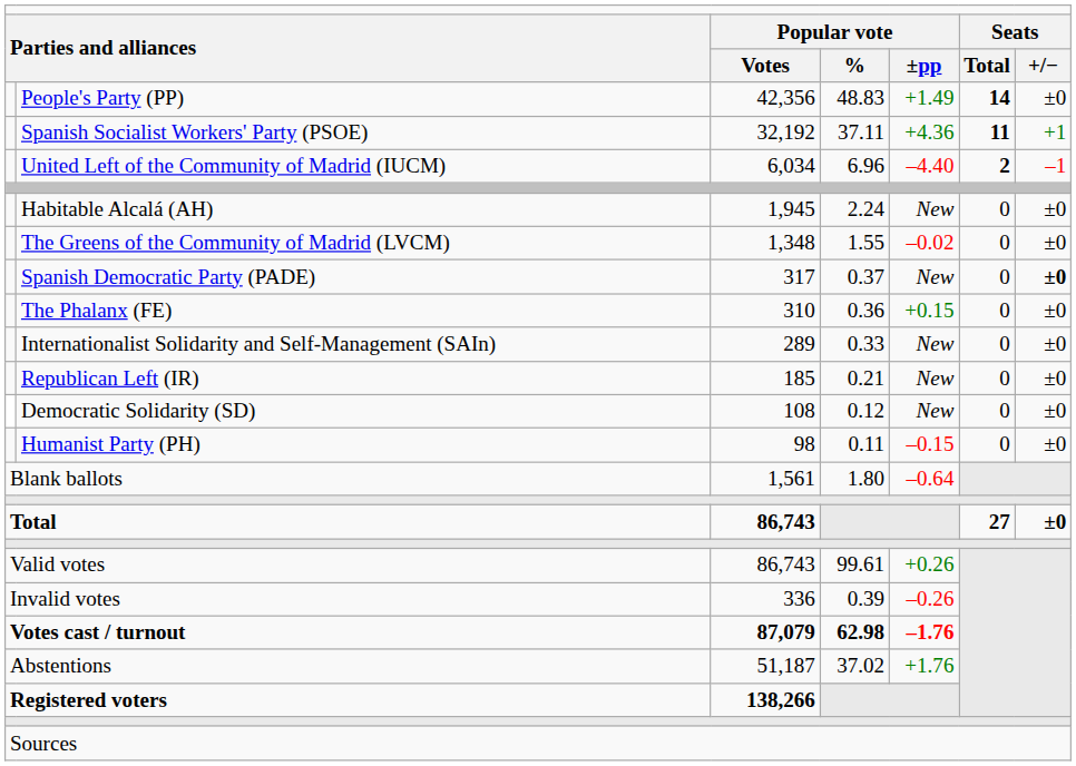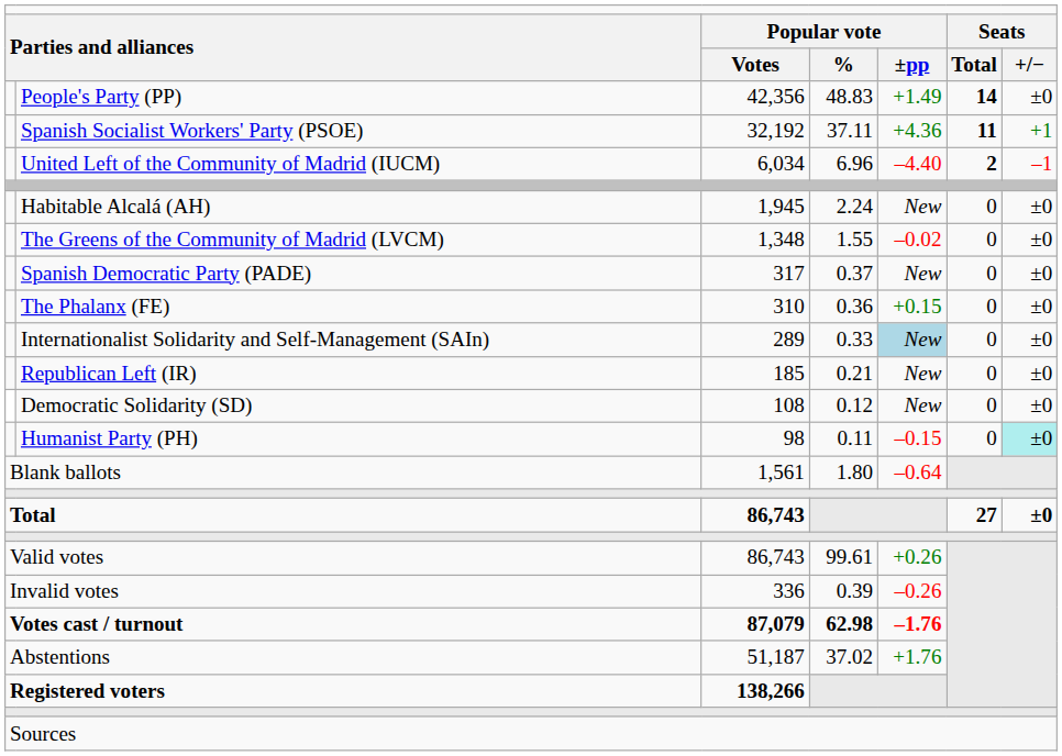 <table class="wikitable" style="text-align:right;">
 <tr>
 <td colspan="7"></td>
 </tr>
 <tr>
 <th style="text-align:left;" rowspan="2" colspan="2" width="525">Parties and alliances</th>
 <th colspan="3">Popular vote</th>
 <th colspan="2">Seats</th>
 </tr>
 <tr>
 <th width="75">Votes</th>
 <th width="45">%</th>
 <th width="45">±<a href='#'>pp</a></th>
 <th width="35">Total</th>
 <th width="35">+/−</th>
 </tr>
 <tr>
 <td width="1" style="color:inherit;background:"></td>
 <td align="left"><a href='#'>People's Party</a> (PP)</td>
 <td>42,356</td>
 <td>48.83</td>
 <td style="color:green;">+1.49</td>
 <td><strong>14</strong></td>
 <td>±0</td>
 </tr>
 <tr>
 <td style="color:inherit;background:"></td>
 <td align="left"><a href='#'>Spanish Socialist Workers' Party</a> (PSOE)</td>
 <td>32,192</td>
 <td>37.11</td>
 <td style="color:green;">+4.36</td>
 <td><strong>11</strong></td>
 <td style="color:green;">+1</td>
 </tr>
 <tr>
 <td style="color:inherit;background:"></td>
 <td align="left"><a href='#'>United Left of the Community of Madrid</a> (IUCM)</td>
 <td>6,034</td>
 <td>6.96</td>
 <td style="color:red;">–4.40</td>
 <td><strong>2</strong></td>
 <td style="color:red;">–1</td>
 </tr>
 <tr>
 <td colspan="7" bgcolor="#C0C0C0"></td>
 </tr>
 <tr>
 <td style="color:inherit;background:"></td>
 <td align="left">Habitable Alcalá (AH)</td>
 <td>1,945</td>
 <td>2.24</td>
 <td><em>New</em></td>
 <td>0</td>
 <td>±0</td>
 </tr>
 <tr>
 <td style="color:inherit;background:"></td>
 <td align="left"><a href='#'>The Greens of the Community of Madrid</a> (LVCM)</td>
 <td>1,348</td>
 <td>1.55</td>
 <td style="color:red;">–0.02</td>
 <td>0</td>
 <td>±0</td>
 </tr>
 <tr>
 <td style="color:inherit;background:"></td>
 <td align="left"><a href='#'>Spanish Democratic Party</a> (PADE)</td>
 <td>317</td>
 <td>0.37</td>
 <td><em>New</em></td>
 <td>0</td>
-<td><strong>±0</strong></td>
+<td>±0</td>
 </tr>
 <tr>
 <td style="color:inherit;background:"></td>
 <td align="left"><a href='#'>The Phalanx</a> (FE)</td>
 <td>310</td>
 <td>0.36</td>
 <td style="color:green;">+0.15</td>
 <td>0</td>
 <td>±0</td>
 </tr>
 <tr>
 <td style="color:inherit;background:"></td>
 <td align="left">Internationalist Solidarity and Self-Management (SAIn)</td>
 <td>289</td>
 <td>0.33</td>
-<td><em>New</em></td>
+<td style="background: lightblue;"><em>New</em></td>
 <td>0</td>
 <td>±0</td>
 </tr>
 <tr>
 <td style="color:inherit;background:"></td>
 <td align="left"><a href='#'>Republican Left</a> (IR)</td>
 <td>185</td>
 <td>0.21</td>
 <td><em>New</em></td>
 <td>0</td>
 <td>±0</td>
 </tr>
 <tr>
 <td bgcolor="white"></td>
 <td align="left">Democratic Solidarity (SD)</td>
 <td>108</td>
 <td>0.12</td>
 <td><em>New</em></td>
 <td>0</td>
 <td>±0</td>
 </tr>
 <tr>
 <td style="color:inherit;background:"></td>
 <td align="left"><a href='#'>Humanist Party</a> (PH)</td>
 <td>98</td>
 <td>0.11</td>
 <td style="color:red;">–0.15</td>
 <td>0</td>
-<td>±0</td>
+<td style="background: paleturquoise;">±0</td>
 </tr>
 <tr>
 <td align="left" colspan="2">Blank ballots</td>
 <td>1,561</td>
 <td>1.80</td>
 <td style="color:red;">–0.64</td>
 <td bgcolor="#E9E9E9" colspan="2"></td>
 </tr>
 <tr>
 <td colspan="7" bgcolor="#E9E9E9"></td>
 </tr>
 <tr style="font-weight:bold;">
 <td align="left" colspan="2">Total</td>
 <td>86,743</td>
 <td bgcolor="#E9E9E9" colspan="2"></td>
 <td>27</td>
 <td>±0</td>
 </tr>
 <tr>
 <td colspan="7" bgcolor="#E9E9E9"></td>
 </tr>
 <tr>
 <td align="left" colspan="2">Valid votes</td>
 <td>86,743</td>
 <td>99.61</td>
 <td style="color:green;">+0.26</td>
 <td bgcolor="#E9E9E9" colspan="2" rowspan="5"></td>
 </tr>
 <tr>
 <td align="left" colspan="2">Invalid votes</td>
 <td>336</td>
 <td>0.39</td>
 <td style="color:red;">–0.26</td>
 </tr>
 <tr style="font-weight:bold;">
 <td align="left" colspan="2">Votes cast / turnout</td>
 <td>87,079</td>
 <td>62.98</td>
 <td style="color:red;">–1.76</td>
 </tr>
 <tr>
 <td align="left" colspan="2">Abstentions</td>
 <td>51,187</td>
 <td>37.02</td>
 <td style="color:green;">+1.76</td>
 </tr>
 <tr style="font-weight:bold;">
 <td align="left" colspan="2">Registered voters</td>
 <td>138,266</td>
 <td bgcolor="#E9E9E9" colspan="2"></td>
 </tr>
 <tr>
 <td colspan="7" bgcolor="#E9E9E9"></td>
 </tr>
 <tr>
 <td align="left" colspan="7">Sources</td>
 </tr>
 </table>
